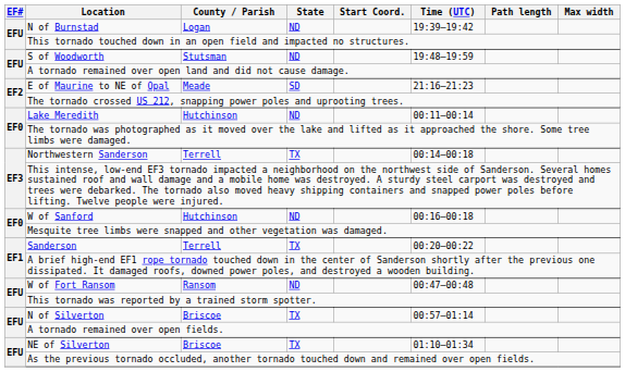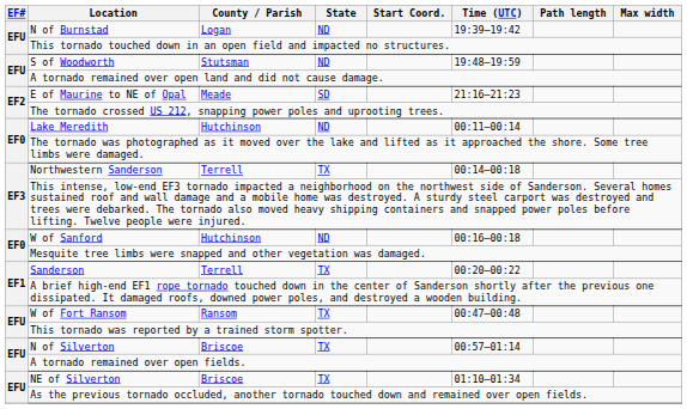 <table class="wikitable sortable" style="width:100%;">
 <tr>
 <th scope="col" width="2%" align="center"><a href='#'>EF#</a></th>
 <th scope="col" align="center" class="unsortable">Location</th>
 <th scope="col" align="center" class="unsortable">County / Parish</th>
 <th scope="col" align="center">State</th>
 <th scope="col" align="center">Start Coord.</th>
 <th scope="col" align="center">Time (<a href='#'>UTC</a>)</th>
 <th scope="col" align="center">Path length</th>
 <th scope="col" align="center">Max width</th>
 </tr>
 <tr>
 <th scope="row" rowspan="2" style="background-color:#">EFU</th>
 <td>N of <a href='#'>Burnstad</a></td>
 <td><a href='#'>Logan</a></td>
 <td><a href='#'>ND</a></td>
 <td></td>
 <td>19:39–19:42</td>
 <td></td>
 <td></td>
 </tr>
 <tr class="expand-child">
 <td colspan="8" style=" border-bottom: 1px solid black;">This tornado touched down in an open field and impacted no structures.</td>
 </tr>
 <tr>
 <th scope="row" rowspan="2" style="background-color:#">EFU</th>
 <td>S of <a href='#'>Woodworth</a></td>
 <td><a href='#'>Stutsman</a></td>
 <td><a href='#'>ND</a></td>
 <td></td>
 <td>19:48–19:59</td>
 <td></td>
 <td></td>
 </tr>
 <tr class="expand-child">
 <td colspan="8" style=" border-bottom: 1px solid black;">A tornado remained over open land and did not cause damage.</td>
 </tr>
 <tr>
 <th scope="row" rowspan="2" style="background-color:#">EF2</th>
 <td>E of <a href='#'>Maurine</a> to NE of <a href='#'>Opal</a></td>
 <td><a href='#'>Meade</a></td>
 <td><a href='#'>SD</a></td>
 <td></td>
 <td>21:16–21:23</td>
 <td></td>
 <td></td>
 </tr>
 <tr class="expand-child">
 <td colspan="8" style=" border-bottom: 1px solid black;">The tornado crossed <a href='#'>US 212</a>, snapping power poles and uprooting trees.</td>
 </tr>
 <tr>
 <th scope="row" rowspan="2" style="background-color:#">EF0</th>
 <td><a href='#'>Lake Meredith</a></td>
 <td><a href='#'>Hutchinson</a></td>
 <td><a href='#'>ND</a></td>
 <td></td>
 <td>00:11–00:14</td>
 <td></td>
 <td></td>
 </tr>
 <tr class="expand-child">
 <td colspan="8" style=" border-bottom: 1px solid black;">The tornado was photographed as it moved over the lake and lifted as it approached the shore. Some tree limbs were damaged.</td>
 </tr>
 <tr>
 <th scope="row" rowspan="2" style="background-color:#">EF3</th>
 <td>Northwestern <a href='#'>Sanderson</a></td>
 <td><a href='#'>Terrell</a></td>
 <td><a href='#'>TX</a></td>
 <td></td>
 <td>00:14–00:18</td>
 <td></td>
 <td></td>
 </tr>
 <tr class="expand-child">
 <td colspan="8" style=" border-bottom: 1px solid black;">This intense, low-end EF3 tornado impacted a neighborhood on the northwest side of Sanderson. Several homes sustained roof and wall damage and a mobile home was destroyed. A sturdy steel carport was destroyed and trees were debarked. The tornado also moved heavy shipping containers and snapped power poles before lifting. Twelve people were injured.</td>
 </tr>
 <tr>
 <th scope="row" rowspan="2" style="background-color:#">EF0</th>
 <td>W of <a href='#'>Sanford</a></td>
 <td><a href='#'>Hutchinson</a></td>
 <td><a href='#'>ND</a></td>
 <td></td>
 <td>00:16–00:18</td>
 <td></td>
 <td></td>
 </tr>
 <tr class="expand-child">
 <td colspan="8" style=" border-bottom: 1px solid black;">Mesquite tree limbs were snapped and other vegetation was damaged.</td>
 </tr>
 <tr>
 <th scope="row" rowspan="2" style="background-color:#">EF1</th>
 <td><a href='#'>Sanderson</a></td>
 <td><a href='#'>Terrell</a></td>
 <td><a href='#'>TX</a></td>
 <td></td>
 <td>00:20–00:22</td>
 <td></td>
 <td></td>
 </tr>
 <tr class="expand-child">
 <td colspan="8" style=" border-bottom: 1px solid black;">A brief high-end EF1 <a href='#'>rope tornado</a> touched down in the center of Sanderson shortly after the previous one dissipated. It damaged roofs, downed power poles, and destroyed a wooden building.</td>
 </tr>
 <tr>
 <th scope="row" rowspan="2" style="background-color:#">EFU</th>
 <td>W of <a href='#'>Fort Ransom</a></td>
 <td><a href='#'>Ransom</a></td>
-<td><a href='#'>ND</a></td>
+<td><a href='#'>TX</a></td>
 <td></td>
 <td>00:47–00:48</td>
 <td></td>
 <td></td>
 </tr>
 <tr class="expand-child">
 <td colspan="8" style=" border-bottom: 1px solid black;">This tornado was reported by a trained storm spotter.</td>
 </tr>
 <tr>
 <th scope="row" rowspan="2" style="background-color:#">EFU</th>
 <td>N of <a href='#'>Silverton</a></td>
 <td><a href='#'>Briscoe</a></td>
 <td><a href='#'>TX</a></td>
 <td></td>
 <td>00:57–01:14</td>
 <td></td>
 <td></td>
 </tr>
 <tr class="expand-child">
 <td colspan="8" style=" border-bottom: 1px solid black;">A tornado remained over open fields.</td>
 </tr>
 <tr>
 <th scope="row" rowspan="2" style="background-color:#">EFU</th>
 <td>NE of <a href='#'>Silverton</a></td>
 <td><a href='#'>Briscoe</a></td>
 <td><a href='#'>TX</a></td>
 <td></td>
 <td>01:10–01:34</td>
 <td></td>
 <td></td>
 </tr>
 <tr class="expand-child">
 <td colspan="8" style=" border-bottom: 1px solid black;">As the previous tornado occluded, another tornado touched down and remained over open fields.</td>
 </tr>
 <tr>
 </tr>
 </table>
